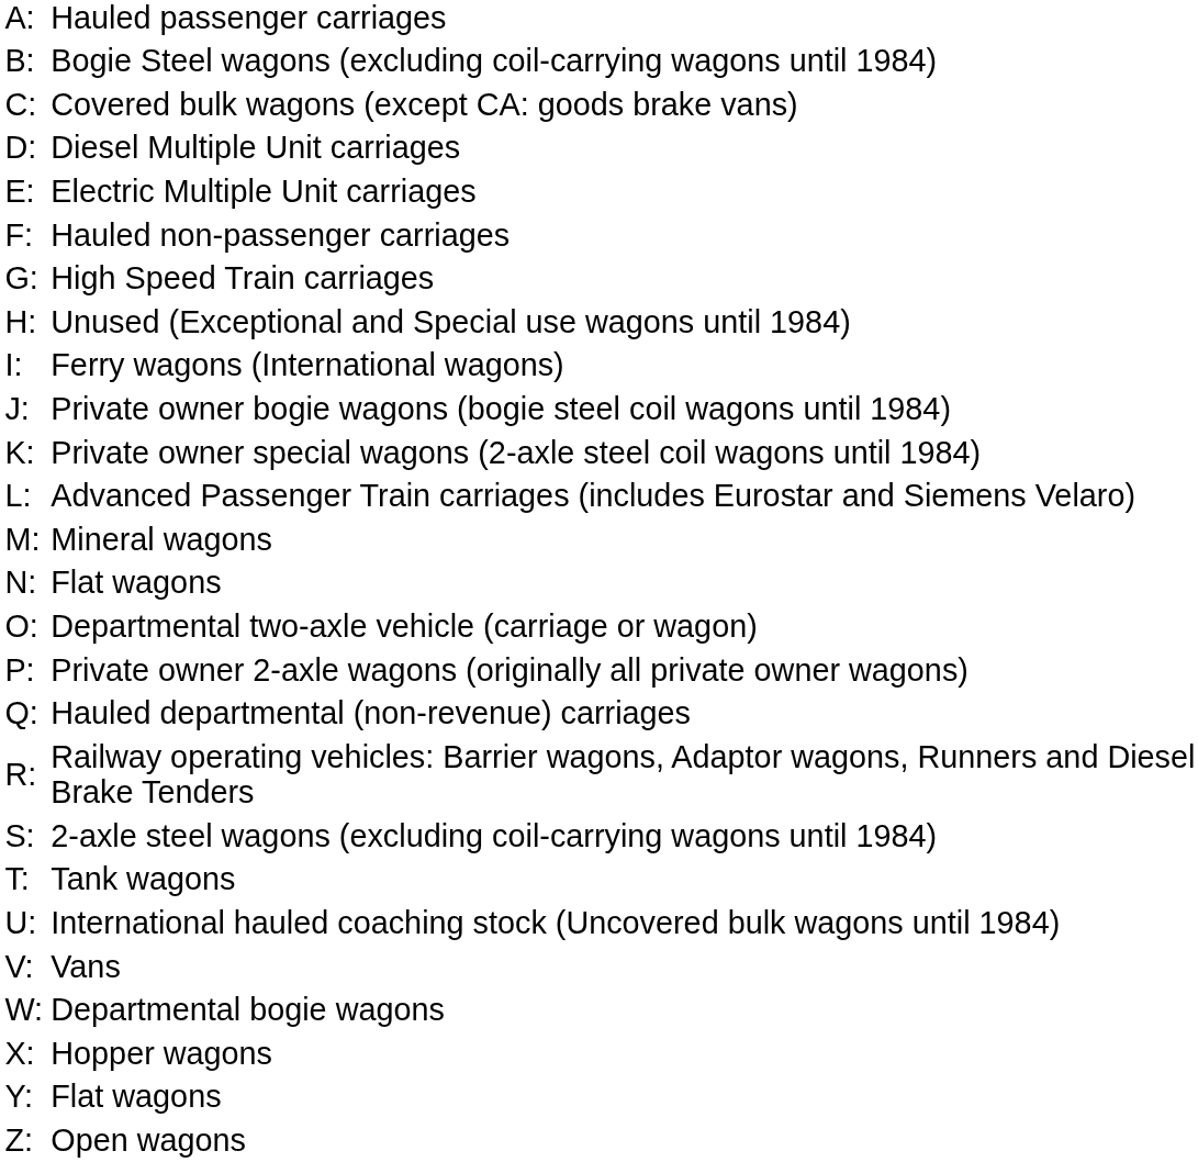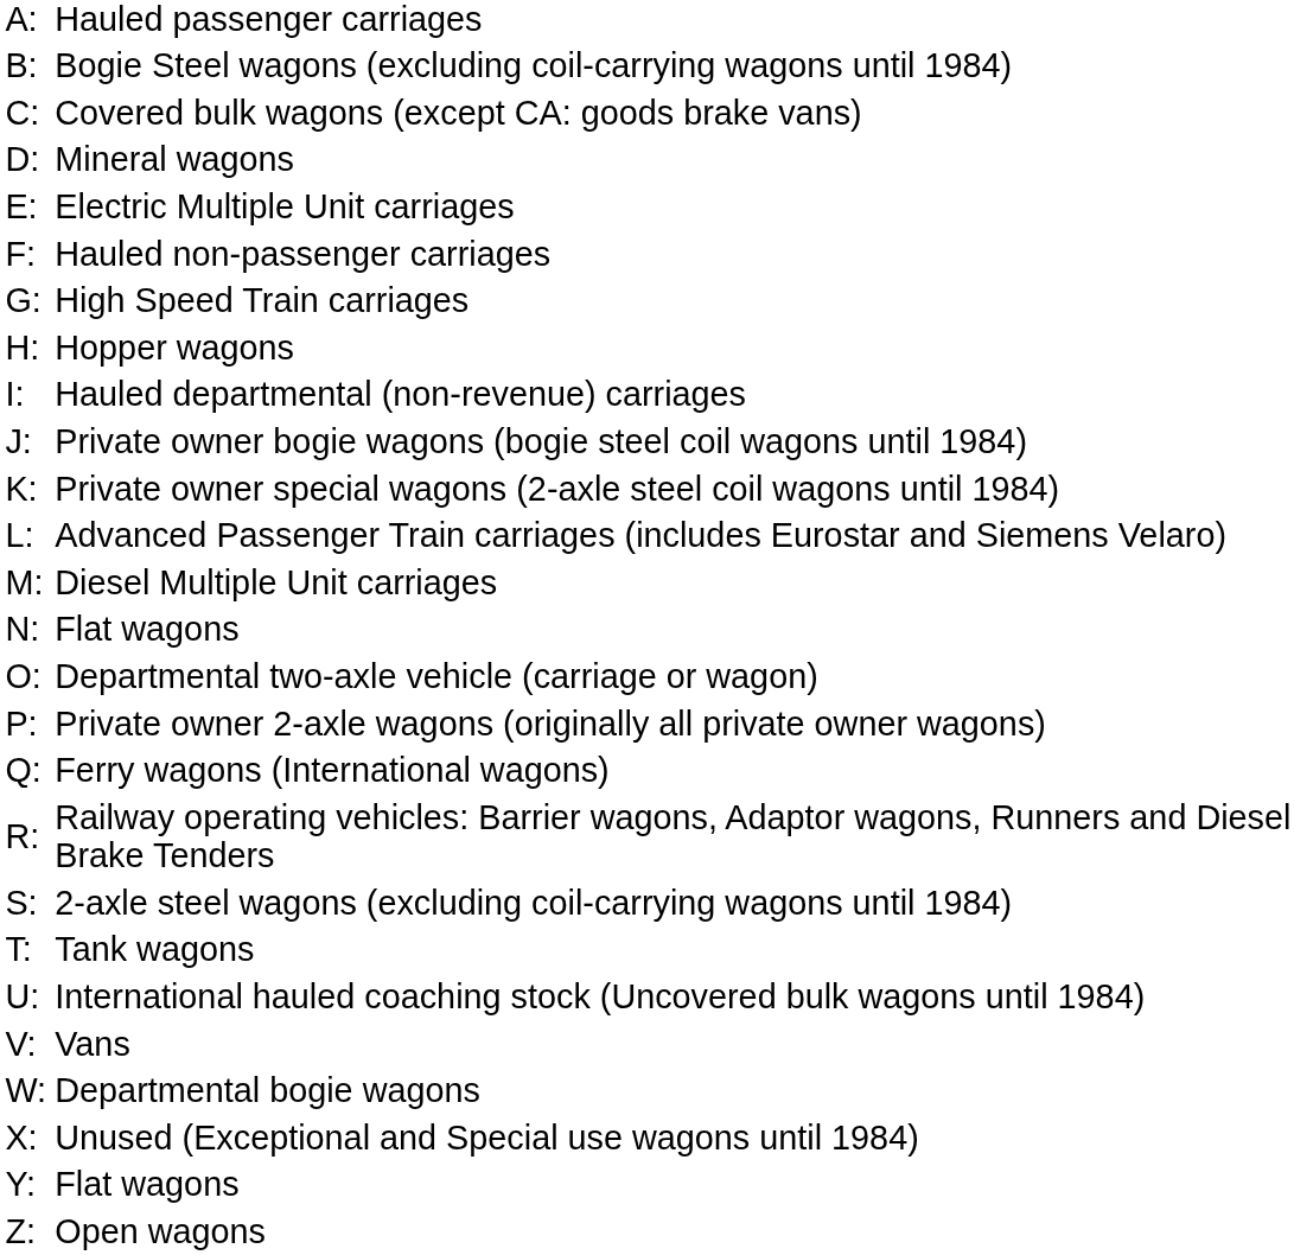 <table>
 <tr>
 <td>A:</td>
 <td>Hauled passenger carriages</td>
 </tr>
 <tr>
 <td>B:</td>
 <td>Bogie Steel wagons (excluding coil-carrying wagons until 1984)</td>
 </tr>
 <tr>
 <td>C:</td>
 <td>Covered bulk wagons (except CA: goods brake vans)</td>
 </tr>
 <tr>
 <td>D:</td>
-<td>Diesel Multiple Unit carriages</td>
+<td>Mineral wagons</td>
 </tr>
 <tr>
 <td>E:</td>
 <td>Electric Multiple Unit carriages</td>
 </tr>
 <tr>
 <td>F:</td>
 <td>Hauled non-passenger carriages</td>
 </tr>
 <tr>
 <td>G:</td>
 <td>High Speed Train carriages</td>
 </tr>
 <tr>
 <td>H:</td>
-<td>Unused (Exceptional and Special use wagons until 1984)</td>
+<td>Hopper wagons</td>
 </tr>
 <tr>
 <td>I:</td>
-<td>Ferry wagons (International wagons)</td>
+<td>Hauled departmental (non-revenue) carriages</td>
 </tr>
 <tr>
 <td>J:</td>
 <td>Private owner bogie wagons (bogie steel coil wagons until 1984)</td>
 </tr>
 <tr>
 <td>K:</td>
 <td>Private owner special wagons (2-axle steel coil wagons until 1984)</td>
 </tr>
 <tr>
 <td>L:</td>
 <td>Advanced Passenger Train carriages (includes Eurostar and Siemens Velaro)</td>
 </tr>
 <tr>
 <td>M:</td>
-<td>Mineral wagons</td>
+<td>Diesel Multiple Unit carriages</td>
 </tr>
 <tr>
 <td>N:</td>
 <td>Flat wagons</td>
 </tr>
 <tr>
 <td>O:</td>
 <td>Departmental two-axle vehicle (carriage or wagon)</td>
 </tr>
 <tr>
 <td>P:</td>
 <td>Private owner 2-axle wagons (originally all private owner wagons)</td>
 </tr>
 <tr>
 <td>Q:</td>
-<td>Hauled departmental (non-revenue) carriages</td>
+<td>Ferry wagons (International wagons)</td>
 </tr>
 <tr>
 <td>R:</td>
 <td>Railway operating vehicles: Barrier wagons, Adaptor wagons, Runners and Diesel Brake Tenders</td>
 </tr>
 <tr>
 <td>S:</td>
 <td>2-axle steel wagons (excluding coil-carrying wagons until 1984)</td>
 </tr>
 <tr>
 <td>T:</td>
 <td>Tank wagons</td>
 </tr>
 <tr>
 <td>U:</td>
 <td>International hauled coaching stock (Uncovered bulk wagons until 1984)</td>
 </tr>
 <tr>
 <td>V:</td>
 <td>Vans</td>
 </tr>
 <tr>
 <td>W:</td>
 <td>Departmental bogie wagons</td>
 </tr>
 <tr>
 <td>X:</td>
-<td>Hopper wagons</td>
+<td>Unused (Exceptional and Special use wagons until 1984)</td>
 </tr>
 <tr>
 <td>Y:</td>
 <td>Flat wagons</td>
 </tr>
 <tr>
 <td>Z:</td>
 <td>Open wagons</td>
 </tr>
 </table>
